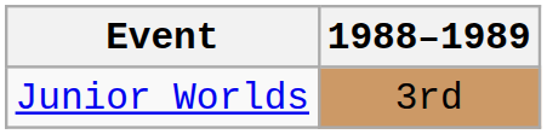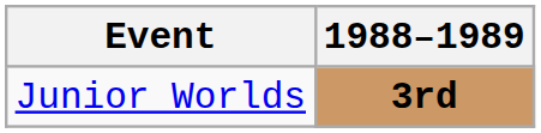 <table class="wikitable" style="text-align:center">
 <tr>
 <th>Event</th>
 <th>1988–1989</th>
 </tr>
 <tr>
 <td align=left><a href='#'>Junior Worlds</a></td>
-<td bgcolor=cc9966>3rd</td>
+<td bgcolor=cc9966><strong>3rd</strong></td>
 </tr>
 </table>
